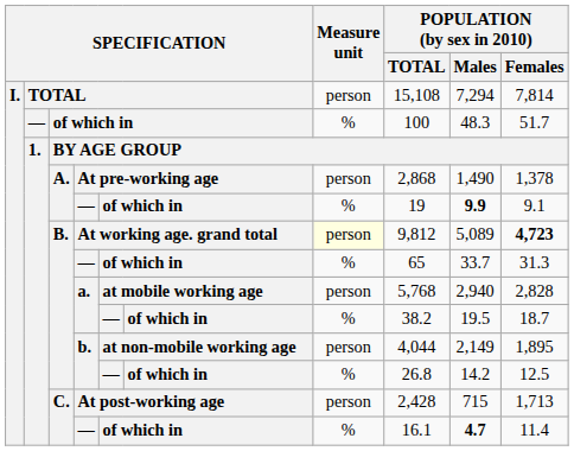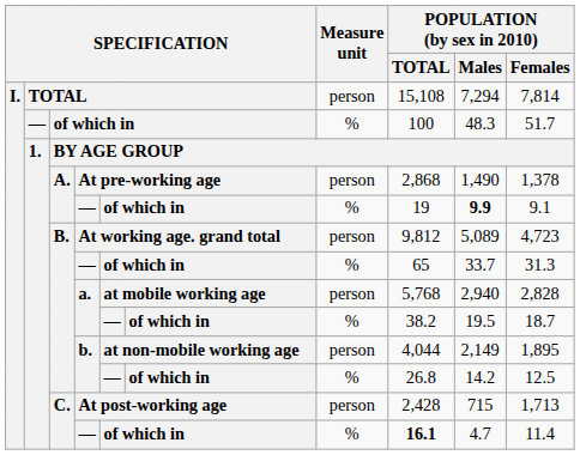 <table class="wikitable" style="font-size:85%; text-align:center">
 <tr>
 <th rowspan="2" colspan="6">SPECIFICATION</th>
 <th rowspan="2">Measure<br> unit</th>
 <th colspan="3" rowspan="1">POPULATION<br> (by sex in 2010)</th>
 </tr>
 <tr>
 <th>TOTAL</th>
 <th>Males</th>
 <th>Females</th>
 </tr>
 <tr>
 <th style="text-align:left" valign="top" rowspan="13">I.</th>
 <th style="text-align:left" colspan="5">TOTAL</th>
 <td>person</td>
 <td>15,108</td>
 <td>7,294</td>
 <td>7,814</td>
 </tr>
 <tr>
 <th style="text-align:left" valign="top">—</th>
 <th style="text-align:left" colspan="4">of which in</th>
 <td>%</td>
 <td>100</td>
 <td>48.3</td>
 <td>51.7</td>
 </tr>
 <tr>
 <th style="text-align:left" valign="top" rowspan="11">1.</th>
 <th style="text-align:left" colspan="19">BY AGE GROUP</th>
 </tr>
 <tr>
 <th style="text-align:left" valign="top" rowspan="2">A.</th>
 <th style="text-align:left" colspan="3">At pre-working age</th>
 <td>person</td>
 <td>2,868</td>
 <td>1,490</td>
 <td>1,378</td>
 </tr>
 <tr>
 <th style="text-align:left" valign="top">—</th>
 <th style="text-align:left" valign="top" colspan="2">of which in</th>
 <td>%</td>
 <td>19</td>
 <td><strong>9.9</strong></td>
 <td>9.1</td>
 </tr>
 <tr>
 <th style="text-align:left" valign="top" rowspan="6">B.</th>
 <th style="text-align:left" colspan="3">At working age. grand total</th>
-<td style="background: lightyellow;">person</td>
+<td>person</td>
 <td>9,812</td>
 <td>5,089</td>
-<td><strong>4,723</strong></td>
+<td>4,723</td>
 </tr>
 <tr>
 <th style="text-align:left" valign="top">—</th>
 <th style="text-align:left" valign="top" colspan="2">of which in</th>
 <td>%</td>
 <td>65</td>
 <td>33.7</td>
 <td>31.3</td>
 </tr>
 <tr>
 <th style="text-align:left" valign="top" rowspan="2">a.</th>
 <th style="text-align:left" colspan="2">at mobile working age</th>
 <td>person</td>
 <td>5,768</td>
 <td>2,940</td>
 <td>2,828</td>
 </tr>
 <tr>
 <th style="text-align:left" valign="top">—</th>
 <th style="text-align:left" valign="top" colspan="1">of which in                        </th>
 <td>%</td>
 <td>38.2</td>
 <td>19.5</td>
 <td>18.7</td>
 </tr>
 <tr>
 <th style="text-align:left" valign="top" rowspan="2">b.</th>
 <th style="text-align:left" colspan="2">at non-mobile working age</th>
 <td>person</td>
 <td>4,044</td>
 <td>2,149</td>
 <td>1,895</td>
 </tr>
 <tr>
 <th style="text-align:left" valign="top">—</th>
 <th style="text-align:left" valign="top" colspan="1">of which in                        </th>
 <td>%</td>
 <td>26.8</td>
 <td>14.2</td>
 <td>12.5</td>
 </tr>
 <tr>
 <th style="text-align:left" valign="top" rowspan="2">C.</th>
 <th style="text-align:left" colspan="3">At post-working age</th>
 <td>person</td>
 <td>2,428</td>
 <td>715</td>
 <td>1,713</td>
 </tr>
 <tr>
 <th style="text-align:left" valign="top">—</th>
 <th style="text-align:left" valign="top" colspan="2">of which in</th>
 <td>%</td>
-<td>16.1</td>
-<td><strong>4.7</strong></td>
+<td><strong>16.1</strong></td>
+<td>4.7</td>
 <td>11.4</td>
 </tr>
 </table>
